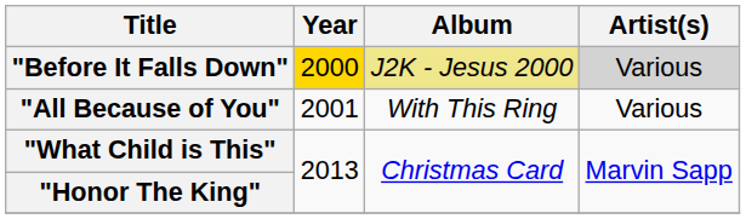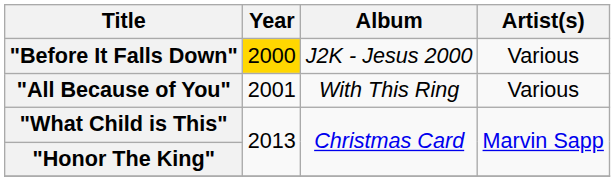 <table class="wikitable plainrowheaders" style="text-align:center;">
 <tr>
 <th scope="col">Title</th>
 <th scope="col">Year</th>
 <th scope="col">Album</th>
 <th scope="col">Artist(s)</th>
 </tr>
 <tr>
 <th scope="row">"Before It Falls Down"</th>
 <td style="background: gold;">2000</td>
-<td style="background: khaki;"><em>J2K - Jesus 2000</em></td>
-<td style="background: lightgrey;">Various</td>
+<td><em>J2K - Jesus 2000</em></td>
+<td>Various</td>
 </tr>
 <tr>
 <th scope="row">"All Because of You"</th>
 <td>2001</td>
 <td><em>With This Ring</em></td>
 <td>Various</td>
 </tr>
 <tr>
 <th scope="row">"What Child is This"</th>
 <td rowspan="2">2013</td>
 <td rowspan="2"><em><a href='#'>Christmas Card</a></em></td>
 <td rowspan="2"><a href='#'>Marvin Sapp</a></td>
 </tr>
 <tr>
 <th scope="row">"Honor The King"</th>
 </tr>
 <tr>
 </tr>
 </table>
